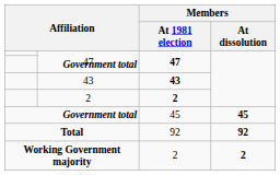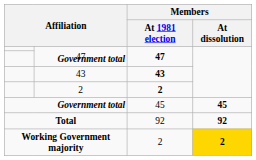 <table class="wikitable" border="1" style="font-size:95%; width:300pt; text-align:center">
 <tr>
 <th colspan="2" rowspan="2" style="text-align:center;vertical-align:middle; ">Affiliation</th>
 <th colspan="2" style="vertical-align:top;">Members</th>
 </tr>
 <tr>
 <th>At <a href='#'>1981 election</a></th>
 <th>At dissolution</th>
 </tr>
 <tr>
 <td></td>
 <td rowspan="2">47</td>
 <td rowspan="2"><strong>47</strong></td>
 </tr>
 <tr>
 <td colspan="2" rowspan="1" style="text-align:right; "><strong><em>Government total</em></strong></td>
 </tr>
 <tr>
 <td></td>
 <td>43</td>
 <td><strong>43</strong></td>
 </tr>
 <tr>
 <td></td>
 <td>2</td>
 <td><strong>2</strong></td>
 </tr>
 <tr>
 <td colspan="2" rowspan="1" style="text-align:right; "><strong><em>Government total</em></strong></td>
 <td>45</td>
 <td><strong>45</strong></td>
 </tr>
 <tr>
 <td colspan="2" rowspan="1"><strong>Total</strong><br></td>
 <td>92</td>
 <td><strong>92</strong></td>
 </tr>
 <tr>
 <td colspan="2" rowspan="1"><strong>Working Government majority</strong></td>
 <td>2</td>
-<td><strong>2</strong></td>
+<td style="background: gold;"><strong>2</strong></td>
 </tr>
 </table>
